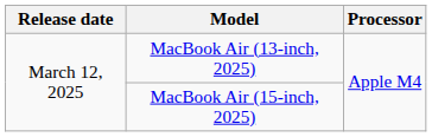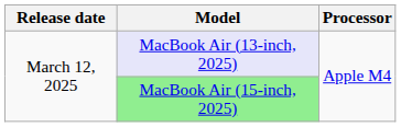 <table class="wikitable sortable" style="width:60%; text-align: center;">
 <tr>
 <th>Release date</th>
 <th>Model</th>
 <th>Processor</th>
 </tr>
 <tr>
 <td rowspan="2">March 12, 2025</td>
-<td><a href='#'>MacBook Air (13-inch, 2025)</a></td>
+<td style="background: lavender;"><a href='#'>MacBook Air (13-inch, 2025)</a></td>
 <td rowspan="2"><a href='#'>Apple M4</a></td>
 </tr>
 <tr>
-<td><a href='#'>MacBook Air (15-inch, 2025)</a></td>
+<td style="background: lightgreen;"><a href='#'>MacBook Air (15-inch, 2025)</a></td>
 </tr>
 </table>
